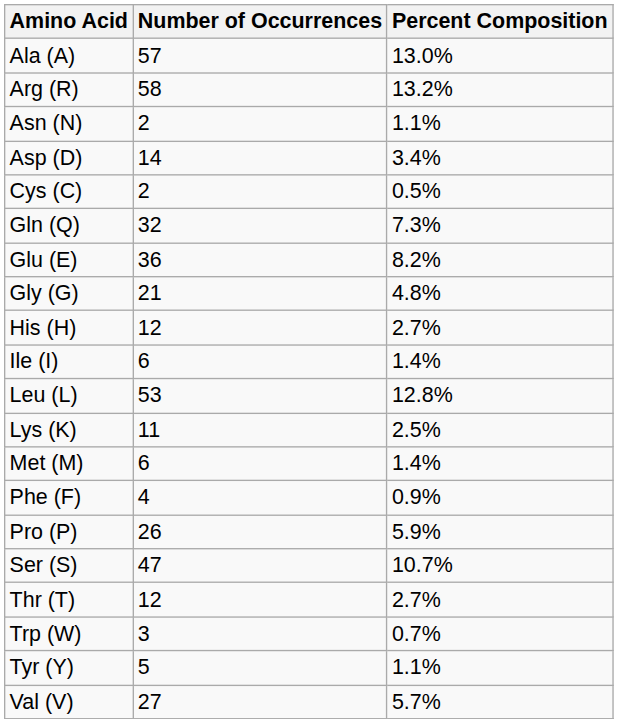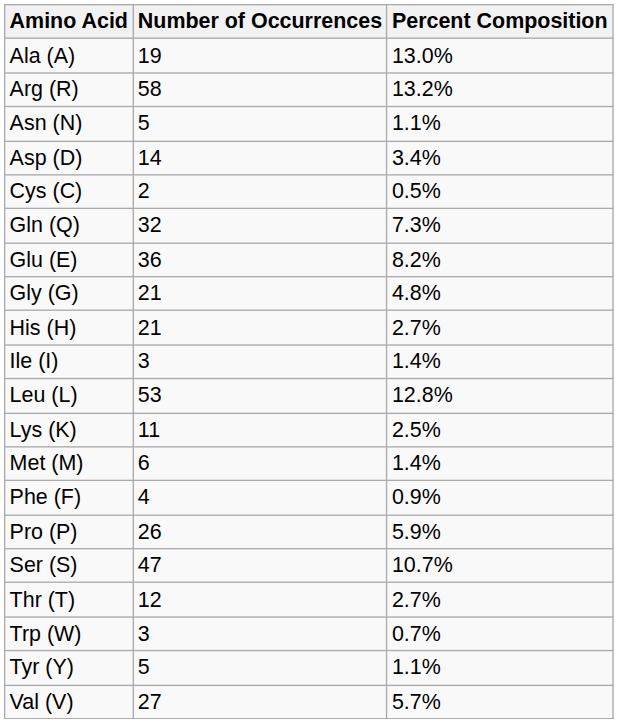 <table class="wikitable">
 <tr>
 <th>Amino Acid</th>
 <th>Number of Occurrences</th>
 <th>Percent Composition</th>
 </tr>
 <tr>
 <td>Ala (A)</td>
-<td>57</td>
+<td>19</td>
 <td>13.0%</td>
 </tr>
 <tr>
 <td>Arg (R)</td>
 <td>58</td>
 <td>13.2%</td>
 </tr>
 <tr>
 <td>Asn (N)</td>
-<td>2</td>
+<td>5</td>
 <td>1.1%</td>
 </tr>
 <tr>
 <td>Asp (D)</td>
 <td>14</td>
 <td>3.4%</td>
 </tr>
 <tr>
 <td>Cys (C)</td>
 <td>2</td>
 <td>0.5%</td>
 </tr>
 <tr>
 <td>Gln (Q)</td>
 <td>32</td>
 <td>7.3%</td>
 </tr>
 <tr>
 <td>Glu (E)</td>
 <td>36</td>
 <td>8.2%</td>
 </tr>
 <tr>
 <td>Gly (G)</td>
 <td>21</td>
 <td>4.8%</td>
 </tr>
 <tr>
 <td>His (H)</td>
-<td>12</td>
+<td>21</td>
 <td>2.7%</td>
 </tr>
 <tr>
 <td>Ile (I)</td>
-<td>6</td>
+<td>3</td>
 <td>1.4%</td>
 </tr>
 <tr>
 <td>Leu (L)</td>
 <td>53</td>
 <td>12.8%</td>
 </tr>
 <tr>
 <td>Lys (K)</td>
 <td>11</td>
 <td>2.5%</td>
 </tr>
 <tr>
 <td>Met (M)</td>
 <td>6</td>
 <td>1.4%</td>
 </tr>
 <tr>
 <td>Phe  (F)</td>
 <td>4</td>
 <td>0.9%</td>
 </tr>
 <tr>
 <td>Pro (P)</td>
 <td>26</td>
 <td>5.9%</td>
 </tr>
 <tr>
 <td>Ser (S)</td>
 <td>47</td>
 <td>10.7%</td>
 </tr>
 <tr>
 <td>Thr (T)</td>
 <td>12</td>
 <td>2.7%</td>
 </tr>
 <tr>
 <td>Trp (W)</td>
 <td>3</td>
 <td>0.7%</td>
 </tr>
 <tr>
 <td>Tyr (Y)</td>
 <td>5</td>
 <td>1.1%</td>
 </tr>
 <tr>
 <td>Val (V)</td>
 <td>27</td>
 <td>5.7%</td>
 </tr>
 <tr>
 </tr>
 </table>
